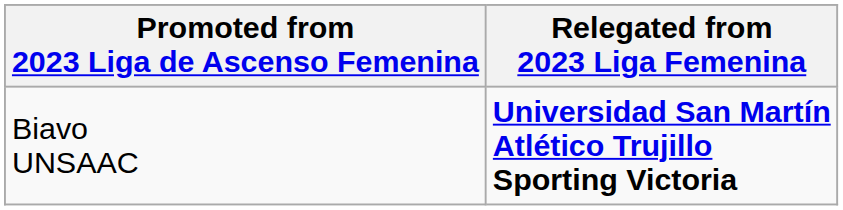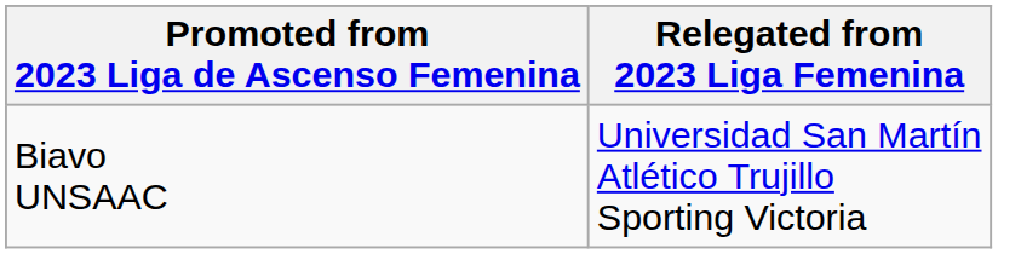 <table class="wikitable">
 <tr>
 <th>Promoted from<br><a href='#'>2023 Liga de Ascenso Femenina</a></th>
 <th>Relegated from<br><a href='#'>2023 Liga Femenina</a></th>
 </tr>
 <tr>
 <td> Biavo <br> UNSAAC </td>
-<td><strong> <a href='#'>Universidad San Martín</a> <br> <a href='#'>Atlético Trujillo</a> <br> Sporting Victoria </strong></td>
+<td> <a href='#'>Universidad San Martín</a> <br> <a href='#'>Atlético Trujillo</a> <br> Sporting Victoria </td>
 </tr>
 </table>
